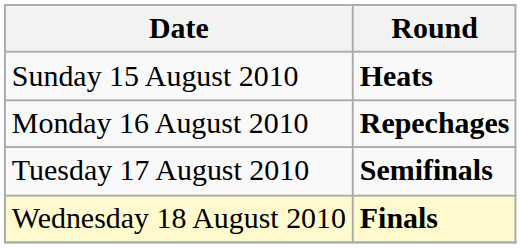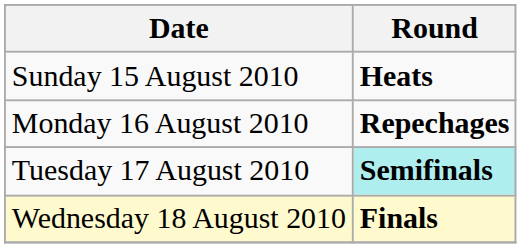 <table class="wikitable">
 <tr>
 <th>Date</th>
 <th>Round</th>
 </tr>
 <tr>
 <td>Sunday 15 August 2010</td>
 <td><strong> Heats</strong></td>
 </tr>
 <tr>
 <td>Monday 16 August 2010</td>
 <td><strong> Repechages</strong></td>
 </tr>
 <tr>
 <td>Tuesday 17 August 2010</td>
-<td><strong>  Semifinals</strong></td>
+<td style="background: paleturquoise;"><strong>  Semifinals</strong></td>
 </tr>
 <tr>
 <td style=background:lemonchiffon>Wednesday 18 August 2010</td>
 <td style=background:lemonchiffon><strong> Finals</strong></td>
 </tr>
 <tr>
 </tr>
 </table>
